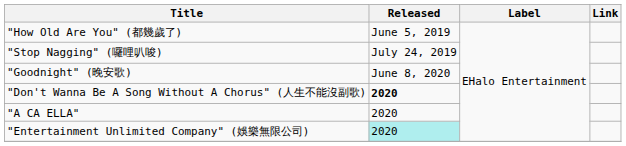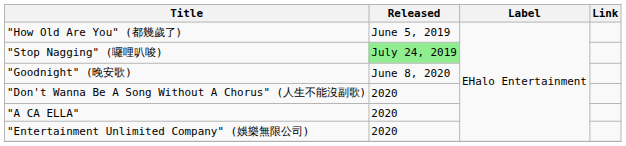 <table class="wikitable plainrowheaders">
 <tr>
 <th scope="col">Title</th>
 <th scope="col">Released</th>
 <th>Label</th>
 <th>Link</th>
 </tr>
 <tr>
 <td>"How Old Are You" (都幾歲了)</td>
 <td>June 5, 2019</td>
 <td rowspan="6">EHalo Entertainment</td>
 <td></td>
 </tr>
 <tr>
 <td>"Stop Nagging" (囉哩叭唆)</td>
-<td>July 24, 2019</td>
+<td style="background: lightgreen;">July 24, 2019</td>
 <td></td>
 </tr>
 <tr>
 <td>"Goodnight" (晚安歌)</td>
 <td>June 8, 2020</td>
 <td></td>
 </tr>
 <tr>
 <td>"Don't Wanna Be A Song Without A Chorus" (人生不能沒副歌)</td>
-<td><strong>2020</strong></td>
+<td>2020</td>
 <td></td>
 </tr>
 <tr>
 <td>"A CA ELLA"</td>
 <td>2020</td>
 <td></td>
 </tr>
 <tr>
 <td>"Entertainment Unlimited Company" (娛樂無限公司)</td>
-<td style="background: paleturquoise;">2020</td>
+<td>2020</td>
 <td></td>
 </tr>
 <tr>
 </tr>
 </table>
